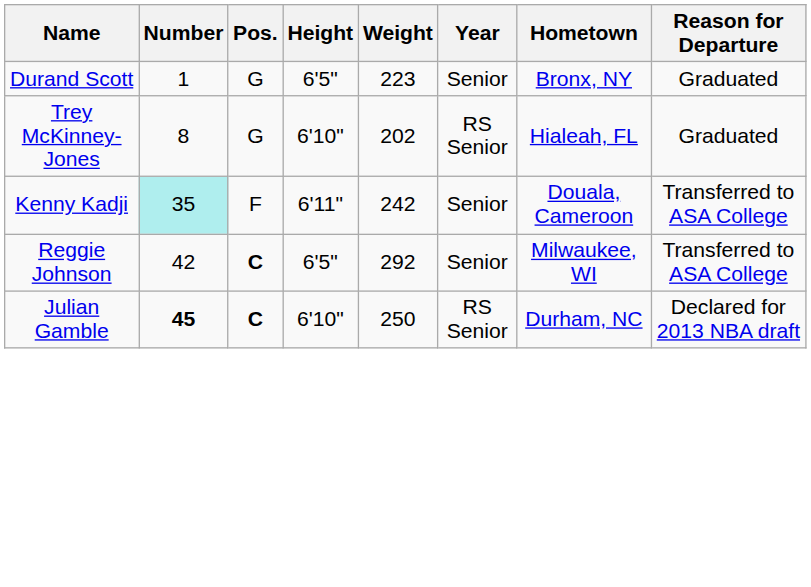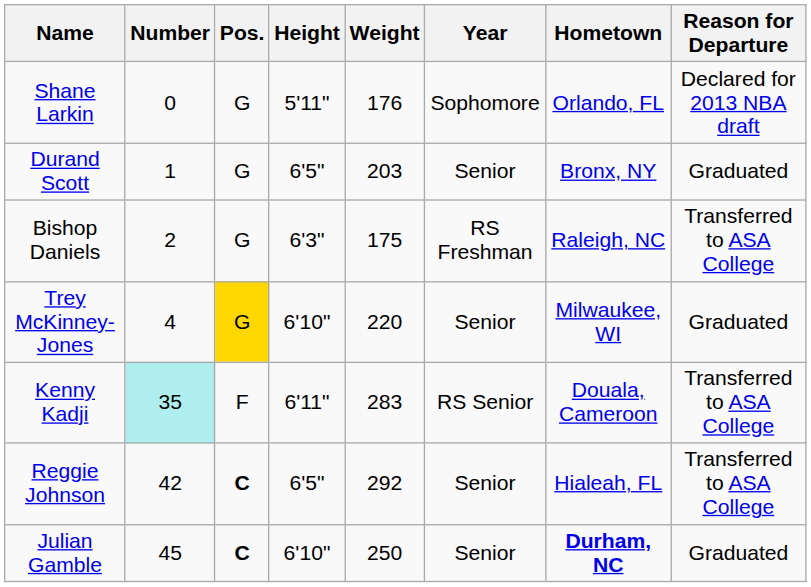 <table class="wikitable sortable" border="1" style="text-align:center;">
 <tr align=center>
 <th>Name</th>
 <th>Number</th>
 <th>Pos.</th>
 <th>Height</th>
 <th>Weight</th>
 <th>Year</th>
 <th>Hometown</th>
 <th>Reason for Departure</th>
 </tr>
 <tr>
+<td><a href='#'>Shane Larkin</a></td>
+<td>0</td>
+<td>G</td>
+<td>5'11"</td>
+<td>176</td>
+<td>Sophomore</td>
+<td><a href='#'>Orlando, FL</a></td>
+<td>Declared for <a href='#'>2013 NBA draft</a></td>
+</tr>
+<tr>
 <td><a href='#'>Durand Scott</a></td>
 <td>1</td>
 <td>G</td>
 <td>6'5"</td>
-<td>223</td>
+<td>203</td>
 <td>Senior</td>
 <td><a href='#'>Bronx, NY</a></td>
 <td>Graduated</td>
 </tr>
 <tr>
+<td>Bishop Daniels</td>
+<td>2</td>
+<td>G</td>
+<td>6'3"</td>
+<td>175</td>
+<td>RS Freshman</td>
+<td><a href='#'>Raleigh, NC</a></td>
+<td>Transferred to <a href='#'>ASA College</a></td>
+</tr>
+<tr>
 <td><a href='#'>Trey McKinney-Jones</a></td>
-<td>8</td>
-<td>G</td>
+<td>4</td>
+<td style="background: gold;">G</td>
 <td>6'10"</td>
-<td>202</td>
-<td>RS Senior</td>
-<td><a href='#'>Hialeah, FL</a></td>
+<td>220</td>
+<td>Senior</td>
+<td><a href='#'>Milwaukee, WI</a></td>
 <td>Graduated</td>
 </tr>
 <tr>
 <td><a href='#'>Kenny Kadji</a></td>
 <td style="background: paleturquoise;">35</td>
 <td>F</td>
 <td>6'11"</td>
-<td>242</td>
-<td>Senior</td>
+<td>283</td>
+<td>RS Senior</td>
 <td><a href='#'>Douala, Cameroon</a></td>
 <td>Transferred to <a href='#'>ASA College</a></td>
 </tr>
 <tr>
 <td><a href='#'>Reggie Johnson</a></td>
 <td>42</td>
 <td><strong>C</strong></td>
 <td>6'5"</td>
 <td>292</td>
 <td>Senior</td>
-<td><a href='#'>Milwaukee, WI</a></td>
+<td><a href='#'>Hialeah, FL</a></td>
 <td>Transferred to <a href='#'>ASA College</a></td>
 </tr>
 <tr>
 <td><a href='#'>Julian Gamble</a></td>
-<td><strong>45</strong></td>
+<td>45</td>
 <td><strong>C</strong></td>
 <td>6'10"</td>
 <td>250</td>
-<td>RS Senior</td>
-<td><a href='#'>Durham, NC</a></td>
-<td>Declared for <a href='#'>2013 NBA draft</a></td>
+<td>Senior</td>
+<td><strong><a href='#'>Durham, NC</a></strong></td>
+<td>Graduated</td>
 </tr>
 </table>
